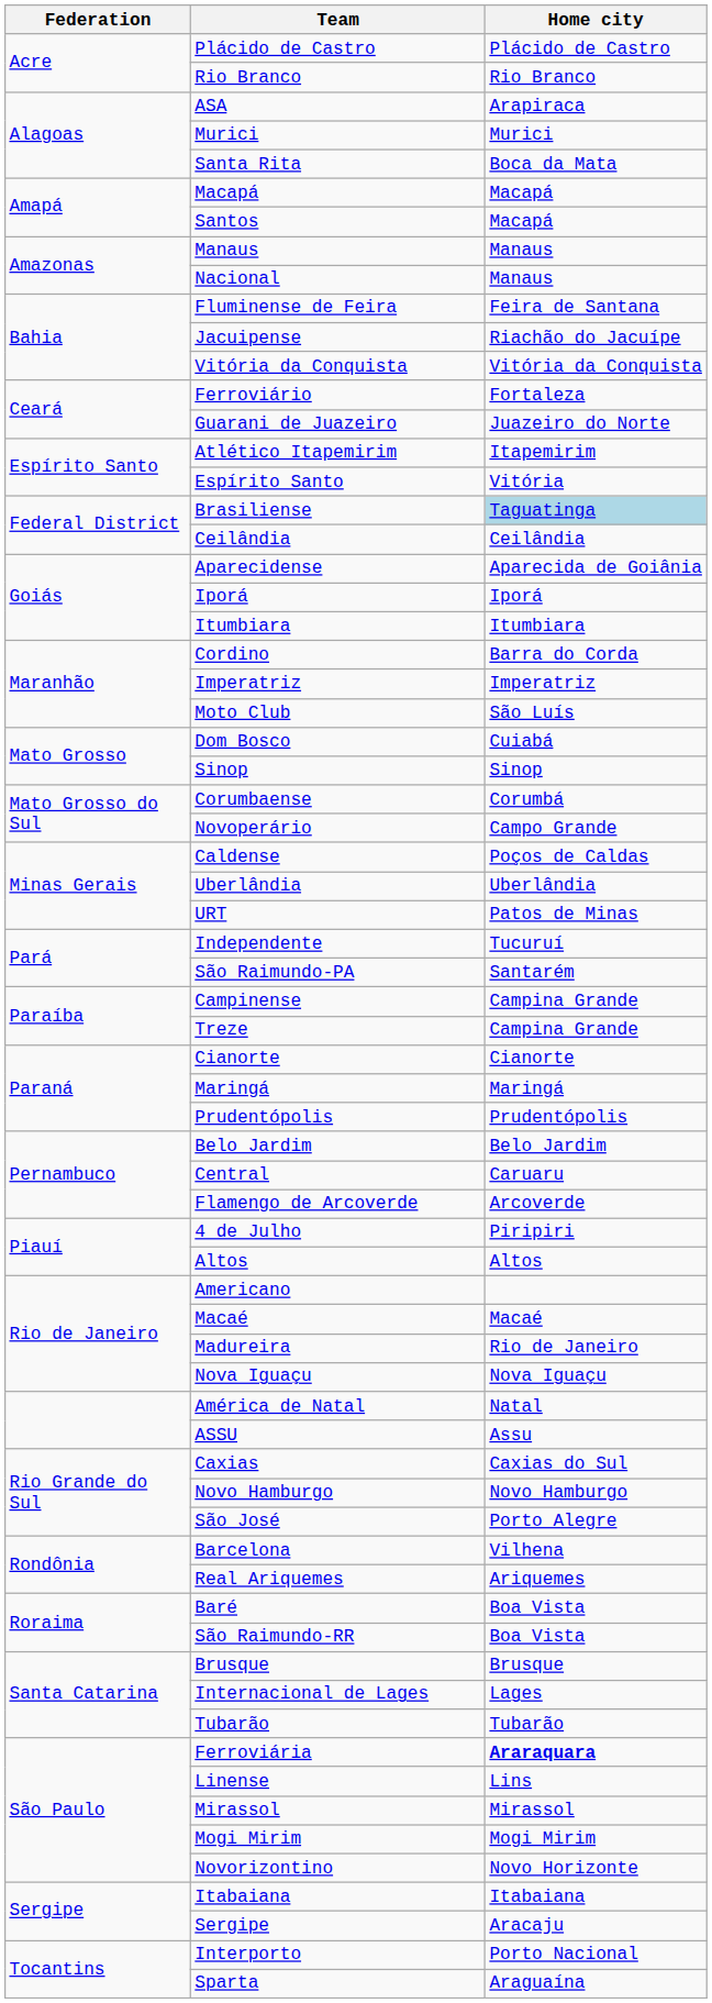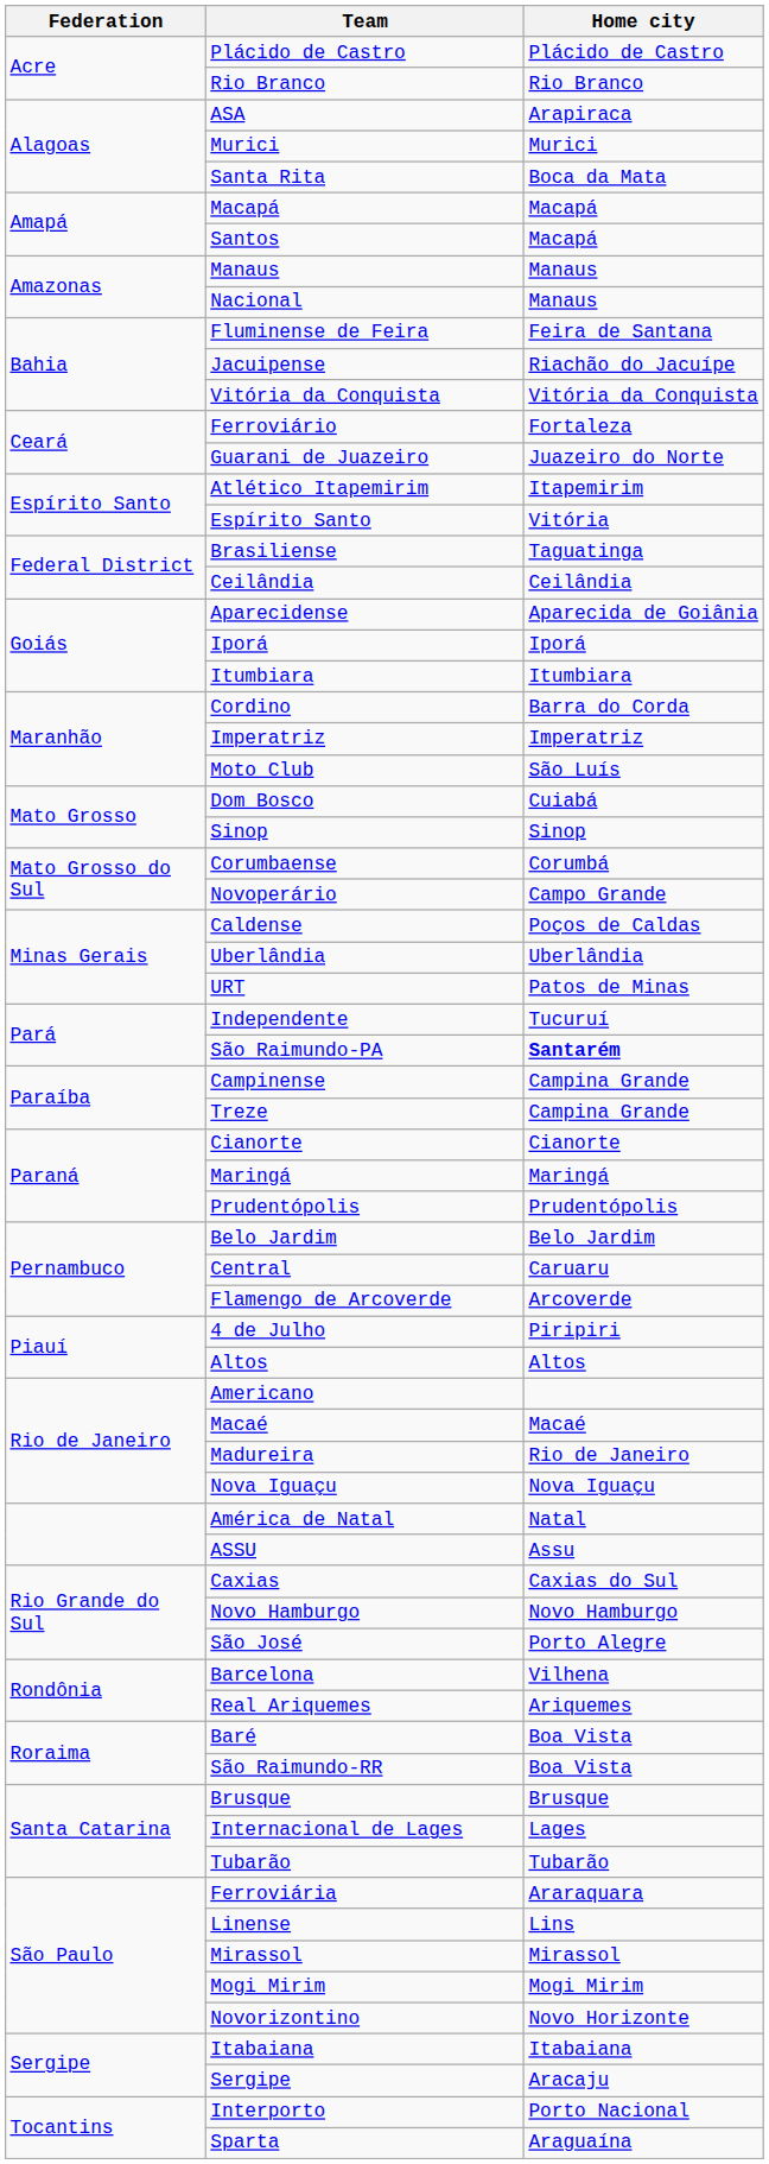 <table class="wikitable">
 <tr>
 <th width=130>Federation</th>
 <th width=210>Team</th>
 <th>Home city</th>
 </tr>
 <tr>
 <td rowspan=2> <a href='#'>Acre</a><br></td>
 <td><a href='#'>Plácido de Castro</a></td>
 <td><a href='#'>Plácido de Castro</a></td>
 </tr>
 <tr>
 <td><a href='#'>Rio Branco</a></td>
 <td><a href='#'>Rio Branco</a></td>
 </tr>
 <tr>
 <td rowspan=3> <a href='#'>Alagoas</a><br></td>
 <td><a href='#'>ASA</a></td>
 <td><a href='#'>Arapiraca</a></td>
 </tr>
 <tr>
 <td><a href='#'>Murici</a></td>
 <td><a href='#'>Murici</a></td>
 </tr>
 <tr>
 <td><a href='#'>Santa Rita</a></td>
 <td><a href='#'>Boca da Mata</a></td>
 </tr>
 <tr>
 <td rowspan=2> <a href='#'>Amapá</a><br></td>
 <td><a href='#'>Macapá</a></td>
 <td><a href='#'>Macapá</a></td>
 </tr>
 <tr>
 <td><a href='#'>Santos</a></td>
 <td><a href='#'>Macapá</a></td>
 </tr>
 <tr>
 <td rowspan=2> <a href='#'>Amazonas</a><br></td>
 <td><a href='#'>Manaus</a></td>
 <td><a href='#'>Manaus</a></td>
 </tr>
 <tr>
 <td><a href='#'>Nacional</a></td>
 <td><a href='#'>Manaus</a></td>
 </tr>
 <tr>
 <td rowspan=3> <a href='#'>Bahia</a><br></td>
 <td><a href='#'>Fluminense de Feira</a></td>
 <td><a href='#'>Feira de Santana</a></td>
 </tr>
 <tr>
 <td><a href='#'>Jacuipense</a></td>
 <td><a href='#'>Riachão do Jacuípe</a></td>
 </tr>
 <tr>
 <td><a href='#'>Vitória da Conquista</a></td>
 <td><a href='#'>Vitória da Conquista</a></td>
 </tr>
 <tr>
 <td rowspan=2> <a href='#'>Ceará</a><br></td>
 <td><a href='#'>Ferroviário</a></td>
 <td><a href='#'>Fortaleza</a></td>
 </tr>
 <tr>
 <td><a href='#'>Guarani de Juazeiro</a></td>
 <td><a href='#'>Juazeiro do Norte</a></td>
 </tr>
 <tr>
 <td rowspan=2> <a href='#'>Espírito Santo</a><br></td>
 <td><a href='#'>Atlético Itapemirim</a></td>
 <td><a href='#'>Itapemirim</a></td>
 </tr>
 <tr>
 <td><a href='#'>Espírito Santo</a></td>
 <td><a href='#'>Vitória</a></td>
 </tr>
 <tr>
 <td rowspan=2> <a href='#'>Federal District</a><br></td>
 <td><a href='#'>Brasiliense</a></td>
-<td style="background: lightblue;"><a href='#'>Taguatinga</a></td>
+<td><a href='#'>Taguatinga</a></td>
 </tr>
 <tr>
 <td><a href='#'>Ceilândia</a></td>
 <td><a href='#'>Ceilândia</a></td>
 </tr>
 <tr>
 <td rowspan=3> <a href='#'>Goiás</a><br></td>
 <td><a href='#'>Aparecidense</a></td>
 <td><a href='#'>Aparecida de Goiânia</a></td>
 </tr>
 <tr>
 <td><a href='#'>Iporá</a></td>
 <td><a href='#'>Iporá</a></td>
 </tr>
 <tr>
 <td><a href='#'>Itumbiara</a></td>
 <td><a href='#'>Itumbiara</a></td>
 </tr>
 <tr>
 <td rowspan=3> <a href='#'>Maranhão</a><br></td>
 <td><a href='#'>Cordino</a></td>
 <td><a href='#'>Barra do Corda</a></td>
 </tr>
 <tr>
 <td><a href='#'>Imperatriz</a></td>
 <td><a href='#'>Imperatriz</a></td>
 </tr>
 <tr>
 <td><a href='#'>Moto Club</a></td>
 <td><a href='#'>São Luís</a></td>
 </tr>
 <tr>
 <td rowspan=2> <a href='#'>Mato Grosso</a><br></td>
 <td><a href='#'>Dom Bosco</a></td>
 <td><a href='#'>Cuiabá</a></td>
 </tr>
 <tr>
 <td><a href='#'>Sinop</a></td>
 <td><a href='#'>Sinop</a></td>
 </tr>
 <tr>
 <td rowspan=2> <a href='#'>Mato Grosso do Sul</a> </td>
 <td><a href='#'>Corumbaense</a></td>
 <td><a href='#'>Corumbá</a></td>
 </tr>
 <tr>
 <td><a href='#'>Novoperário</a></td>
 <td><a href='#'>Campo Grande</a></td>
 </tr>
 <tr>
 <td rowspan=3> <a href='#'>Minas Gerais</a><br></td>
 <td><a href='#'>Caldense</a></td>
 <td><a href='#'>Poços de Caldas</a></td>
 </tr>
 <tr>
 <td><a href='#'>Uberlândia</a></td>
 <td><a href='#'>Uberlândia</a></td>
 </tr>
 <tr>
 <td><a href='#'>URT</a></td>
 <td><a href='#'>Patos de Minas</a></td>
 </tr>
 <tr>
 <td rowspan=2> <a href='#'>Pará</a><br></td>
 <td><a href='#'>Independente</a></td>
 <td><a href='#'>Tucuruí</a></td>
 </tr>
 <tr>
 <td><a href='#'>São Raimundo-PA</a></td>
-<td><a href='#'>Santarém</a></td>
+<td><strong><a href='#'>Santarém</a></strong></td>
 </tr>
 <tr>
 <td rowspan=2> <a href='#'>Paraíba</a><br></td>
 <td><a href='#'>Campinense</a></td>
 <td><a href='#'>Campina Grande</a></td>
 </tr>
 <tr>
 <td><a href='#'>Treze</a></td>
 <td><a href='#'>Campina Grande</a></td>
 </tr>
 <tr>
 <td rowspan=3> <a href='#'>Paraná</a><br></td>
 <td><a href='#'>Cianorte</a></td>
 <td><a href='#'>Cianorte</a></td>
 </tr>
 <tr>
 <td><a href='#'>Maringá</a></td>
 <td><a href='#'>Maringá</a></td>
 </tr>
 <tr>
 <td><a href='#'>Prudentópolis</a></td>
 <td><a href='#'>Prudentópolis</a></td>
 </tr>
 <tr>
 <td rowspan=3> <a href='#'>Pernambuco</a><br></td>
 <td><a href='#'>Belo Jardim</a></td>
 <td><a href='#'>Belo Jardim</a></td>
 </tr>
 <tr>
 <td><a href='#'>Central</a></td>
 <td><a href='#'>Caruaru</a></td>
 </tr>
 <tr>
 <td><a href='#'>Flamengo de Arcoverde</a></td>
 <td><a href='#'>Arcoverde</a></td>
 </tr>
 <tr>
 <td rowspan=2> <a href='#'>Piauí</a><br></td>
 <td><a href='#'>4 de Julho</a></td>
 <td><a href='#'>Piripiri</a></td>
 </tr>
 <tr>
 <td><a href='#'>Altos</a></td>
 <td><a href='#'>Altos</a></td>
 </tr>
 <tr>
 <td rowspan=4> <a href='#'>Rio de Janeiro</a><br></td>
 <td><a href='#'>Americano</a></td>
 <td></td>
 </tr>
 <tr>
 <td><a href='#'>Macaé</a></td>
 <td><a href='#'>Macaé</a></td>
 </tr>
 <tr>
 <td><a href='#'>Madureira</a></td>
 <td><a href='#'>Rio de Janeiro</a></td>
 </tr>
 <tr>
 <td><a href='#'>Nova Iguaçu</a></td>
 <td><a href='#'>Nova Iguaçu</a></td>
 </tr>
 <tr>
 <td rowspan=2> </td>
 <td><a href='#'>América de Natal</a></td>
 <td><a href='#'>Natal</a></td>
 </tr>
 <tr>
 <td><a href='#'>ASSU</a></td>
 <td><a href='#'>Assu</a></td>
 </tr>
 <tr>
 <td rowspan=3> <a href='#'>Rio Grande do Sul</a><br></td>
 <td><a href='#'>Caxias</a></td>
 <td><a href='#'>Caxias do Sul</a></td>
 </tr>
 <tr>
 <td><a href='#'>Novo Hamburgo</a></td>
 <td><a href='#'>Novo Hamburgo</a></td>
 </tr>
 <tr>
 <td><a href='#'>São José</a></td>
 <td><a href='#'>Porto Alegre</a></td>
 </tr>
 <tr>
 <td rowspan=2> <a href='#'>Rondônia</a><br></td>
 <td><a href='#'>Barcelona</a></td>
 <td><a href='#'>Vilhena</a></td>
 </tr>
 <tr>
 <td><a href='#'>Real Ariquemes</a></td>
 <td><a href='#'>Ariquemes</a></td>
 </tr>
 <tr>
 <td rowspan=2> <a href='#'>Roraima</a><br></td>
 <td><a href='#'>Baré</a></td>
 <td><a href='#'>Boa Vista</a></td>
 </tr>
 <tr>
 <td><a href='#'>São Raimundo-RR</a></td>
 <td><a href='#'>Boa Vista</a></td>
 </tr>
 <tr>
 <td rowspan=3> <a href='#'>Santa Catarina</a><br></td>
 <td><a href='#'>Brusque</a></td>
 <td><a href='#'>Brusque</a></td>
 </tr>
 <tr>
 <td><a href='#'>Internacional de Lages</a></td>
 <td><a href='#'>Lages</a></td>
 </tr>
 <tr>
 <td><a href='#'>Tubarão</a></td>
 <td><a href='#'>Tubarão</a></td>
 </tr>
 <tr>
 <td rowspan=5> <a href='#'>São Paulo</a><br></td>
 <td><a href='#'>Ferroviária</a></td>
-<td><strong><a href='#'>Araraquara</a></strong></td>
+<td><a href='#'>Araraquara</a></td>
 </tr>
 <tr>
 <td><a href='#'>Linense</a></td>
 <td><a href='#'>Lins</a></td>
 </tr>
 <tr>
 <td><a href='#'>Mirassol</a></td>
 <td><a href='#'>Mirassol</a></td>
 </tr>
 <tr>
 <td><a href='#'>Mogi Mirim</a></td>
 <td><a href='#'>Mogi Mirim</a></td>
 </tr>
 <tr>
 <td><a href='#'>Novorizontino</a></td>
 <td><a href='#'>Novo Horizonte</a></td>
 </tr>
 <tr>
 <td rowspan=2> <a href='#'>Sergipe</a><br></td>
 <td><a href='#'>Itabaiana</a></td>
 <td><a href='#'>Itabaiana</a></td>
 </tr>
 <tr>
 <td><a href='#'>Sergipe</a></td>
 <td><a href='#'>Aracaju</a></td>
 </tr>
 <tr>
 <td rowspan=2> <a href='#'>Tocantins</a><br></td>
 <td><a href='#'>Interporto</a></td>
 <td><a href='#'>Porto Nacional</a></td>
 </tr>
 <tr>
 <td><a href='#'>Sparta</a></td>
 <td><a href='#'>Araguaína</a></td>
 </tr>
 </table>
